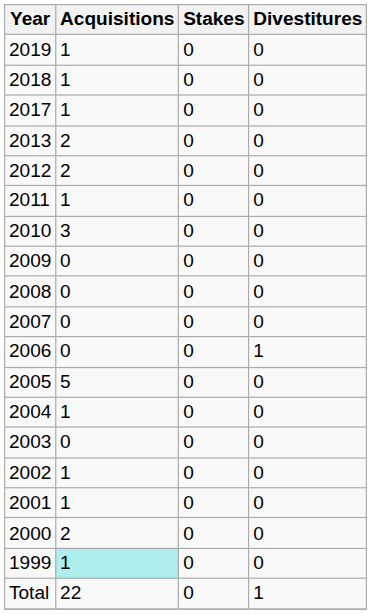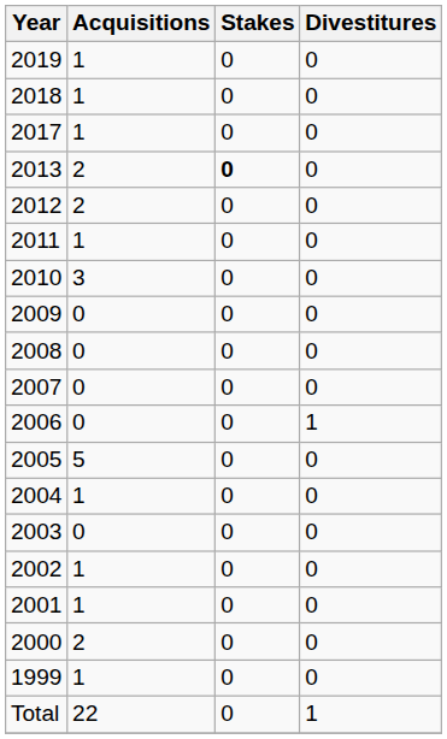 <table class="wikitable" border="1">
 <tr>
 <th>Year</th>
 <th>Acquisitions</th>
 <th>Stakes</th>
 <th>Divestitures</th>
 </tr>
 <tr>
 <td>2019</td>
 <td>1</td>
 <td>0</td>
 <td>0</td>
 </tr>
 <tr>
 <td>2018</td>
 <td>1</td>
 <td>0</td>
 <td>0</td>
 </tr>
 <tr>
 <td>2017</td>
 <td>1</td>
 <td>0</td>
 <td>0</td>
 </tr>
 <tr>
 <td>2013</td>
 <td>2</td>
-<td>0</td>
+<td><strong>0</strong></td>
 <td>0</td>
 </tr>
 <tr>
 <td>2012</td>
 <td>2</td>
 <td>0</td>
 <td>0</td>
 </tr>
 <tr>
 <td>2011</td>
 <td>1</td>
 <td>0</td>
 <td>0</td>
 </tr>
 <tr>
 <td>2010</td>
 <td>3</td>
 <td>0</td>
 <td>0</td>
 </tr>
 <tr>
 <td>2009</td>
 <td>0</td>
 <td>0</td>
 <td>0</td>
 </tr>
 <tr>
 <td>2008</td>
 <td>0</td>
 <td>0</td>
 <td>0</td>
 </tr>
 <tr>
 <td>2007</td>
 <td>0</td>
 <td>0</td>
 <td>0</td>
 </tr>
 <tr>
 <td>2006</td>
 <td>0</td>
 <td>0</td>
 <td>1</td>
 </tr>
 <tr>
 <td>2005</td>
 <td>5</td>
 <td>0</td>
 <td>0</td>
 </tr>
 <tr>
 <td>2004</td>
 <td>1</td>
 <td>0</td>
 <td>0</td>
 </tr>
 <tr>
 <td>2003</td>
 <td>0</td>
 <td>0</td>
 <td>0</td>
 </tr>
 <tr>
 <td>2002</td>
 <td>1</td>
 <td>0</td>
 <td>0</td>
 </tr>
 <tr>
 <td>2001</td>
 <td>1</td>
 <td>0</td>
 <td>0</td>
 </tr>
 <tr>
 <td>2000</td>
 <td>2</td>
 <td>0</td>
 <td>0</td>
 </tr>
 <tr>
 <td>1999</td>
-<td style="background: paleturquoise;">1</td>
+<td>1</td>
 <td>0</td>
 <td>0</td>
 </tr>
 <tr>
 <td>Total</td>
 <td>22</td>
 <td>0</td>
 <td>1</td>
 </tr>
 <tr>
 </tr>
 </table>
